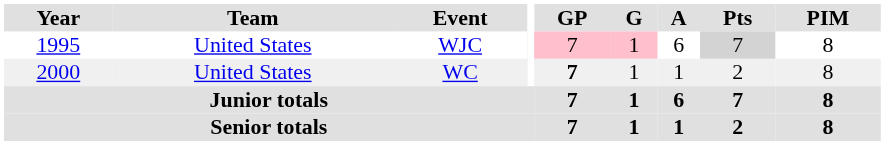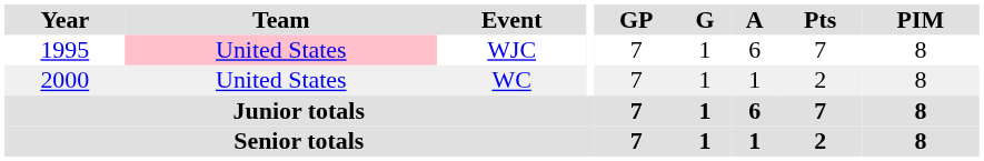 <table border="0" cellpadding="1" cellspacing="0" ID="Table3" style="text-align:center; width:40em">
 <tr bgcolor="#e0e0e0">
 <th>Year</th>
 <th>Team</th>
 <th>Event</th>
 <th rowspan="102" bgcolor="#ffffff"></th>
 <th>GP</th>
 <th>G</th>
 <th>A</th>
 <th>Pts</th>
 <th>PIM</th>
 </tr>
 <tr>
 <td><a href='#'>1995</a></td>
-<td><a href='#'>United States</a></td>
+<td style="background: pink;"><a href='#'>United States</a></td>
 <td><a href='#'>WJC</a></td>
-<td style="background: pink;">7</td>
-<td style="background: pink;">1</td>
+<td>7</td>
+<td>1</td>
 <td>6</td>
-<td style="background: lightgrey;">7</td>
+<td>7</td>
 <td>8</td>
 </tr>
 <tr bgcolor="#f0f0f0">
 <td><a href='#'>2000</a></td>
 <td><a href='#'>United States</a></td>
 <td><a href='#'>WC</a></td>
-<td><strong>7</strong></td>
+<td>7</td>
 <td>1</td>
 <td>1</td>
 <td>2</td>
 <td>8</td>
 </tr>
 <tr bgcolor="#e0e0e0">
 <th colspan="4">Junior totals</th>
 <th>7</th>
 <th>1</th>
 <th>6</th>
 <th>7</th>
 <th>8</th>
 </tr>
 <tr bgcolor="#e0e0e0">
 <th colspan="4">Senior totals</th>
 <th>7</th>
 <th>1</th>
 <th>1</th>
 <th>2</th>
 <th>8</th>
 </tr>
 </table>
